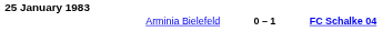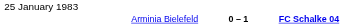 <table width=100% cellspacing=1>
 <tr>
 <th width=25%></th>
 <th width=10%></th>
 <th width=25%></th>
 <th></th>
 </tr>
 <tr>
-<td><strong>25 January 1983</strong></td>
+<td>25 January 1983</td>
 </tr>
 <tr style=font-size:90%>
 <td align=right><a href='#'>Arminia Bielefeld</a></td>
 <td align=center><strong>0 – 1</strong></td>
 <td><strong><a href='#'>FC Schalke 04</a></strong></td>
 </tr>
 </table>
